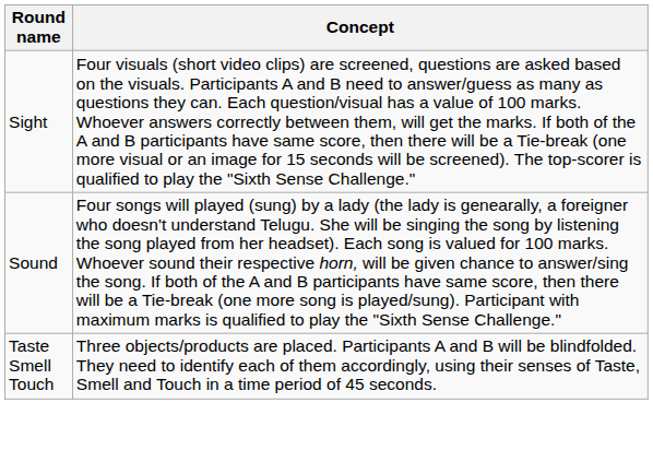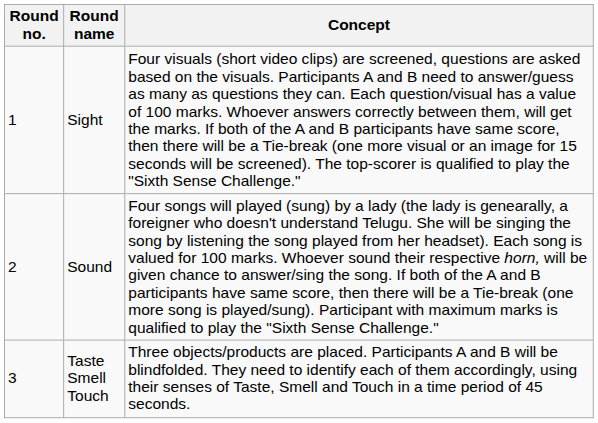 <table class="wikitable">
 <tr>
+<th>Round no.</th>
 <th>Round name</th>
 <th>Concept</th>
 </tr>
 <tr>
+<td>1</td>
 <td>Sight</td>
 <td>Four visuals (short video clips) are screened, questions are asked based on the visuals. Participants A and B need to answer/guess as many as questions they can. Each question/visual has a value of 100 marks. Whoever answers correctly between them, will get the marks.    If both of the A and B participants have same score, then there will be a Tie-break (one more visual or an image for 15 seconds will be screened). The top-scorer is qualified to play the "Sixth Sense Challenge."</td>
 </tr>
 <tr>
+<td>2</td>
 <td>Sound</td>
 <td>Four songs will played (sung) by a lady (the lady is genearally, a foreigner who doesn't understand Telugu. She will be singing the song by listening the song played from her headset). Each song is valued for 100 marks. Whoever sound their respective <em>horn,</em> will be given chance to answer/sing the song. If both of the A and B participants have same score, then there will be a Tie-break (one more song is played/sung). Participant with maximum marks is qualified to play the "Sixth Sense Challenge."</td>
 </tr>
 <tr>
+<td>3</td>
 <td>Taste<br>Smell<br>Touch</td>
 <td>Three objects/products are placed. Participants A and B will be blindfolded. They need to identify each of them accordingly, using their senses of Taste, Smell and Touch in a time period of 45 seconds.</td>
 </tr>
 </table>
